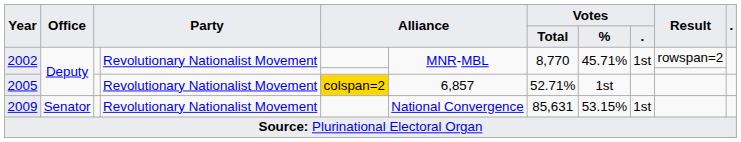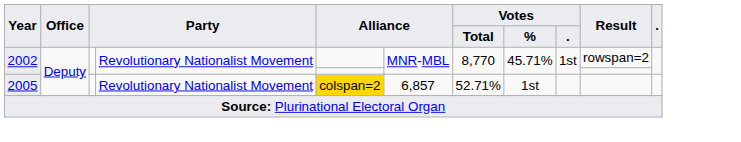 <table class="wikitable" style="font-size:90%; text-align:center;">
 <tr>
 <th style="background-color:#EAECF0;" rowspan=2>Year</th>
 <th style="background-color:#EAECF0;" rowspan=2>Office</th>
 <th style="background-color:#EAECF0;" colspan=2 rowspan=2>Party</th>
 <th style="background-color:#EAECF0;" colspan=2 rowspan=2>Alliance</th>
 <th style="background-color:#EAECF0;" colspan=3>Votes</th>
 <th style="background-color:#EAECF0;" rowspan=2>Result</th>
 <th style="background-color:#EAECF0;" rowspan=2>.</th>
 </tr>
 <tr>
 <th style="background-color:#EAECF0;">Total</th>
 <th style="background-color:#EAECF0;">%</th>
 <th style="background-color:#EAECF0;">.</th>
 </tr>
 <tr>
 <td rowspan=2 style="background-color:#EAECF0;"><a href='#'>2002</a></td>
 <td rowspan=3><a href='#'>Deputy</a></td>
 <td rowspan=2 style="background-color:"></td>
 <td rowspan=2><a href='#'>Revolutionary Nationalist Movement</a></td>
 <td style="background-color:"></td>
 <td rowspan=2><a href='#'>MNR</a>-<a href='#'>MBL</a></td>
 <td rowspan=2>8,770</td>
 <td rowspan=2>45.71%</td>
 <td rowspan=2>1st</td>
 <td>rowspan=2 </td>
 <td rowspan=2></td>
 </tr>
 <tr>
 <td style="background-color:"></td>
 </tr>
 <tr>
 <td style="background-color:#EAECF0;"><a href='#'>2005</a></td>
 <td style="background-color:"></td>
 <td><a href='#'>Revolutionary Nationalist Movement</a></td>
 <td style="background: gold;">colspan=2 </td>
 <td>6,857</td>
 <td>52.71%</td>
 <td>1st</td>
 <td></td>
 <td></td>
 </tr>
 <tr>
-<td style="background-color:#EAECF0;"><a href='#'>2009</a></td>
-<td><a href='#'>Senator</a></td>
-<td style="background-color:"></td>
-<td><a href='#'>Revolutionary Nationalist Movement</a></td>
-<td style="background-color:"></td>
-<td><a href='#'>National Convergence</a></td>
-<td>85,631</td>
-<td>53.15%</td>
-<td>1st</td>
-<td></td>
-<td></td>
-</tr>
-<tr>
 <td style="background-color:#EAECF0;" colspan=11><strong>Source:</strong> <a href='#'>Plurinational Electoral Organ</a>  </td>
 </tr>
 </table>
